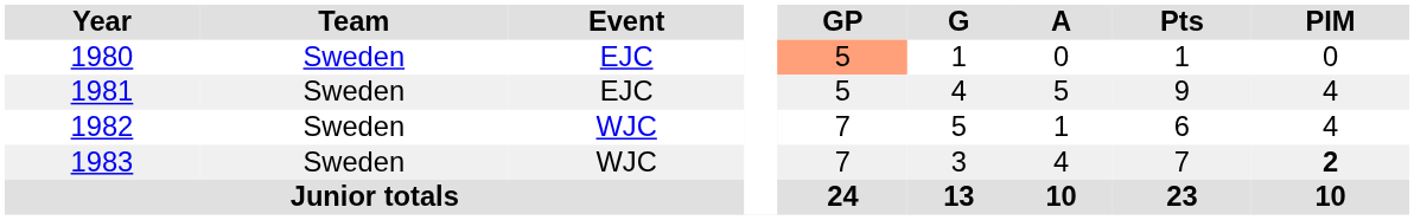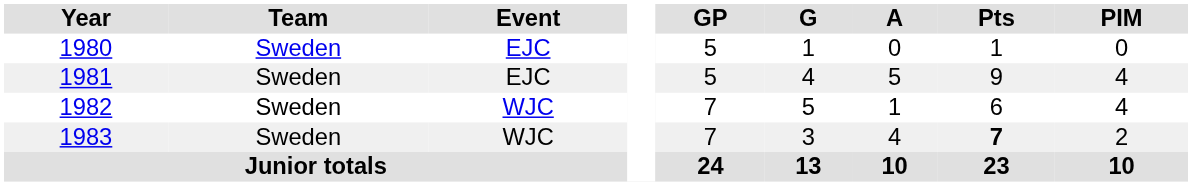 <table border="0" cellpadding="1" cellspacing="0" style="text-align:center; width:50em">
 <tr ALIGN="center" bgcolor="#e0e0e0">
 <th>Year</th>
 <th>Team</th>
 <th>Event</th>
 <th rowspan="99" bgcolor="#ffffff"> </th>
 <th>GP</th>
 <th>G</th>
 <th>A</th>
 <th>Pts</th>
 <th>PIM</th>
 </tr>
 <tr>
 <td><a href='#'>1980</a></td>
 <td><a href='#'>Sweden</a></td>
 <td><a href='#'>EJC</a></td>
-<td style="background: lightsalmon;">5</td>
+<td>5</td>
 <td>1</td>
 <td>0</td>
 <td>1</td>
 <td>0</td>
 </tr>
 <tr bgcolor="#f0f0f0">
 <td><a href='#'>1981</a></td>
 <td>Sweden</td>
 <td>EJC</td>
 <td>5</td>
 <td>4</td>
 <td>5</td>
 <td>9</td>
 <td>4</td>
 </tr>
 <tr>
 <td><a href='#'>1982</a></td>
 <td>Sweden</td>
 <td><a href='#'>WJC</a></td>
 <td>7</td>
 <td>5</td>
 <td>1</td>
 <td>6</td>
 <td>4</td>
 </tr>
 <tr bgcolor="#f0f0f0">
 <td><a href='#'>1983</a></td>
 <td>Sweden</td>
 <td>WJC</td>
 <td>7</td>
 <td>3</td>
 <td>4</td>
-<td>7</td>
-<td><strong>2</strong></td>
+<td><strong>7</strong></td>
+<td>2</td>
 </tr>
 <tr bgcolor="#e0e0e0">
 <th colspan=3>Junior totals</th>
 <th>24</th>
 <th>13</th>
 <th>10</th>
 <th>23</th>
 <th>10</th>
 </tr>
 </table>
